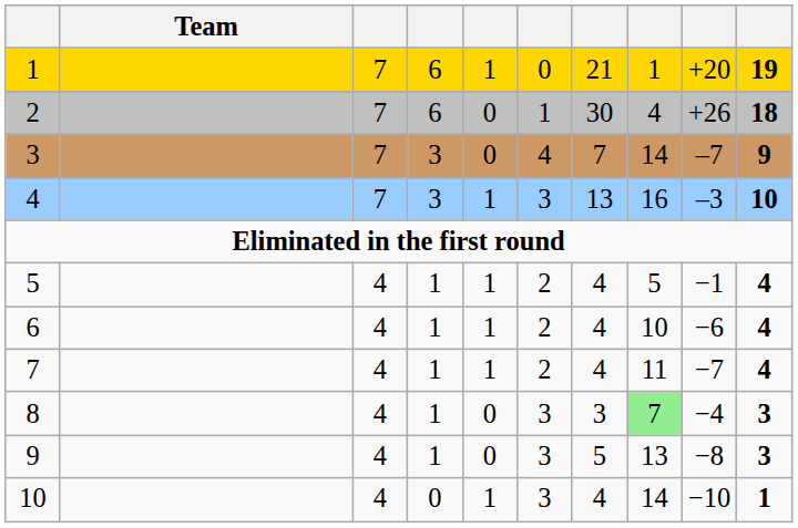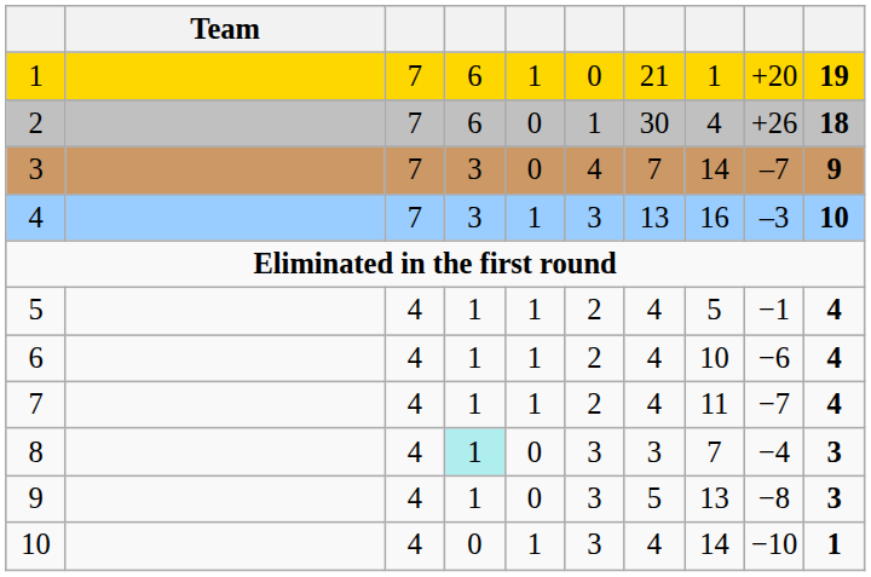 <table class="wikitable" style="text-align: center;">
 <tr>
 <th width=25></th>
 <th width=165>Team</th>
 <th width=25></th>
 <th width=25></th>
 <th width=25></th>
 <th width=25></th>
 <th width=25></th>
 <th width=25></th>
 <th width=25></th>
 <th width=25></th>
 </tr>
 <tr style="background:gold;">
 <td>1</td>
 <td style="text-align:left;"></td>
 <td>7</td>
 <td>6</td>
 <td>1</td>
 <td>0</td>
 <td>21</td>
 <td>1</td>
 <td>+20</td>
 <td><strong>19</strong></td>
 </tr>
 <tr style="background:silver;">
 <td>2</td>
 <td style="text-align:left;"></td>
 <td>7</td>
 <td>6</td>
 <td>0</td>
 <td>1</td>
 <td>30</td>
 <td>4</td>
 <td>+26</td>
 <td><strong>18</strong></td>
 </tr>
 <tr style="background:#cc9966;">
 <td>3</td>
 <td style="text-align:left;"></td>
 <td>7</td>
 <td>3</td>
 <td>0</td>
 <td>4</td>
 <td>7</td>
 <td>14</td>
 <td>–7</td>
 <td><strong>9</strong></td>
 </tr>
 <tr style="background:#9acdff;">
 <td>4</td>
 <td style="text-align:left;"></td>
 <td>7</td>
 <td>3</td>
 <td>1</td>
 <td>3</td>
 <td>13</td>
 <td>16</td>
 <td>–3</td>
 <td><strong>10</strong></td>
 </tr>
 <tr>
 <td colspan=10><strong>Eliminated in the first round</strong></td>
 </tr>
 <tr align=center>
 <td>5</td>
 <td style="text-align:left;"></td>
 <td>4</td>
 <td>1</td>
 <td>1</td>
 <td>2</td>
 <td>4</td>
 <td>5</td>
 <td>−1</td>
 <td><strong>4</strong></td>
 </tr>
 <tr align=center>
 <td>6</td>
 <td style="text-align:left;"></td>
 <td>4</td>
 <td>1</td>
 <td>1</td>
 <td>2</td>
 <td>4</td>
 <td>10</td>
 <td>−6</td>
 <td><strong>4</strong></td>
 </tr>
 <tr align=center>
 <td>7</td>
 <td style="text-align:left;"></td>
 <td>4</td>
 <td>1</td>
 <td>1</td>
 <td>2</td>
 <td>4</td>
 <td>11</td>
 <td>−7</td>
 <td><strong>4</strong></td>
 </tr>
 <tr align=center>
 <td>8</td>
 <td style="text-align:left;"></td>
 <td>4</td>
-<td>1</td>
+<td style="background: paleturquoise;">1</td>
 <td>0</td>
 <td>3</td>
 <td>3</td>
-<td style="background: lightgreen;">7</td>
+<td>7</td>
 <td>−4</td>
 <td><strong>3</strong></td>
 </tr>
 <tr align=center>
 <td>9</td>
 <td style="text-align:left;"></td>
 <td>4</td>
 <td>1</td>
 <td>0</td>
 <td>3</td>
 <td>5</td>
 <td>13</td>
 <td>−8</td>
 <td><strong>3</strong></td>
 </tr>
 <tr align=center>
 <td>10</td>
 <td style="text-align:left;"></td>
 <td>4</td>
 <td>0</td>
 <td>1</td>
 <td>3</td>
 <td>4</td>
 <td>14</td>
 <td>−10</td>
 <td><strong>1</strong></td>
 </tr>
 </table>
